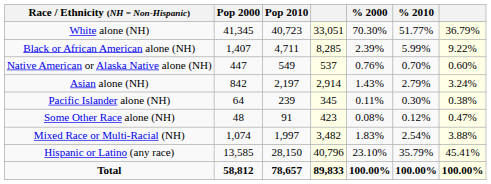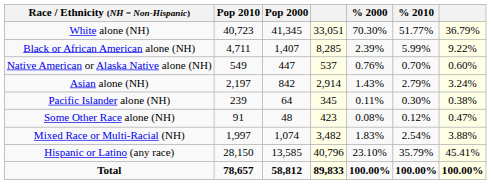 <table class="wikitable" style="text-align:center;">
 <tr>
 <th>Race / Ethnicity <small>(<em>NH = Non-Hispanic</em>)</small></th>
+<th>Pop 2010</th>
 <th>Pop 2000</th>
-<th>Pop 2010</th>
 <th></th>
 <th>% 2000</th>
 <th>% 2010</th>
 <th></th>
 </tr>
 <tr>
 <td><a href='#'>White</a> alone (NH)</td>
+<td>40,723</td>
 <td>41,345</td>
-<td>40,723</td>
 <td style='background: #ffffe6;'>33,051</td>
 <td>70.30%</td>
 <td>51.77%</td>
 <td style='background: #ffffe6;'>36.79%</td>
 </tr>
 <tr>
 <td><a href='#'>Black or African American</a> alone (NH)</td>
+<td>4,711</td>
 <td>1,407</td>
-<td>4,711</td>
 <td style='background: #ffffe6;'>8,285</td>
 <td>2.39%</td>
 <td>5.99%</td>
 <td style='background: #ffffe6;'>9.22%</td>
 </tr>
 <tr>
 <td><a href='#'>Native American</a> or <a href='#'>Alaska Native</a> alone (NH)</td>
+<td>549</td>
 <td>447</td>
-<td>549</td>
 <td style='background: #ffffe6;'>537</td>
 <td>0.76%</td>
 <td>0.70%</td>
 <td style='background: #ffffe6;'>0.60%</td>
 </tr>
 <tr>
 <td><a href='#'>Asian</a> alone (NH)</td>
+<td>2,197</td>
 <td>842</td>
-<td>2,197</td>
 <td style='background: #ffffe6;'>2,914</td>
 <td>1.43%</td>
 <td>2.79%</td>
 <td style='background: #ffffe6;'>3.24%</td>
 </tr>
 <tr>
 <td><a href='#'>Pacific Islander</a> alone (NH)</td>
+<td>239</td>
 <td>64</td>
-<td>239</td>
 <td style='background: #ffffe6;'>345</td>
 <td>0.11%</td>
 <td>0.30%</td>
 <td style='background: #ffffe6;'>0.38%</td>
 </tr>
 <tr>
 <td><a href='#'>Some Other Race</a> alone (NH)</td>
+<td>91</td>
 <td>48</td>
-<td>91</td>
 <td style='background: #ffffe6;'>423</td>
 <td>0.08%</td>
 <td>0.12%</td>
 <td style='background: #ffffe6;'>0.47%</td>
 </tr>
 <tr>
 <td><a href='#'>Mixed Race or Multi-Racial</a> (NH)</td>
+<td>1,997</td>
 <td>1,074</td>
-<td>1,997</td>
 <td style='background: #ffffe6;'>3,482</td>
 <td>1.83%</td>
 <td>2.54%</td>
 <td style='background: #ffffe6;'>3.88%</td>
 </tr>
 <tr>
 <td><a href='#'>Hispanic or Latino</a> (any race)</td>
+<td>28,150</td>
 <td>13,585</td>
-<td>28,150</td>
 <td style='background: #ffffe6;'>40,796</td>
 <td>23.10%</td>
 <td>35.79%</td>
 <td style='background: #ffffe6;'>45.41%</td>
 </tr>
 <tr>
 <td><strong>Total</strong></td>
+<td><strong>78,657</strong></td>
 <td><strong>58,812</strong></td>
-<td><strong>78,657</strong></td>
 <td style='background: #ffffe6;'><strong>89,833</strong></td>
 <td><strong>100.00%</strong></td>
 <td><strong>100.00%</strong></td>
 <td style='background: #ffffe6;'><strong>100.00%</strong></td>
 </tr>
 </table>
